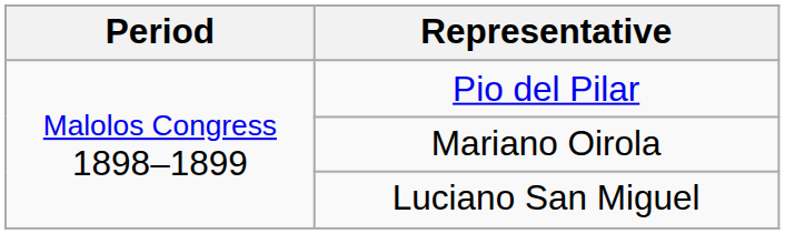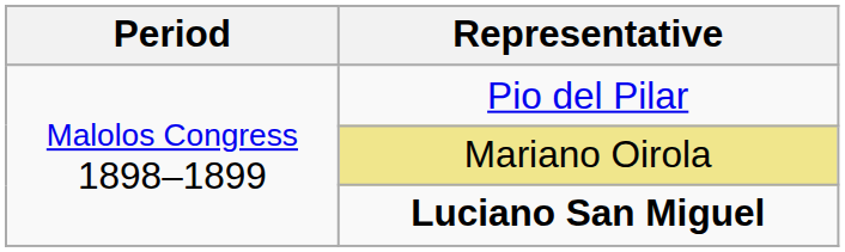 <table class="wikitable" style="text-align:center; width:40%;">
 <tr>
 <th width="40%">Period</th>
 <th>Representative</th>
 </tr>
 <tr>
 <td rowspan="3"><small><a href='#'>Malolos Congress</a></small><br>1898–1899</td>
 <td><a href='#'>Pio del Pilar</a></td>
 </tr>
 <tr>
-<td>Mariano Oirola</td>
+<td style="background: khaki;">Mariano Oirola</td>
 </tr>
 <tr>
-<td>Luciano San Miguel</td>
+<td><strong>Luciano San Miguel</strong></td>
 </tr>
 </table>
